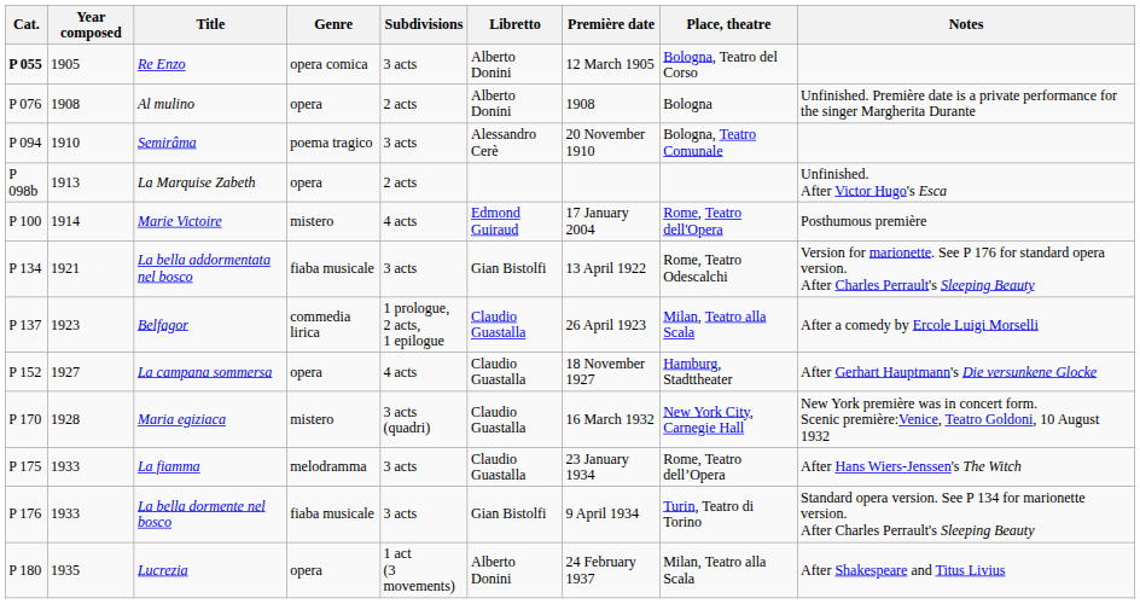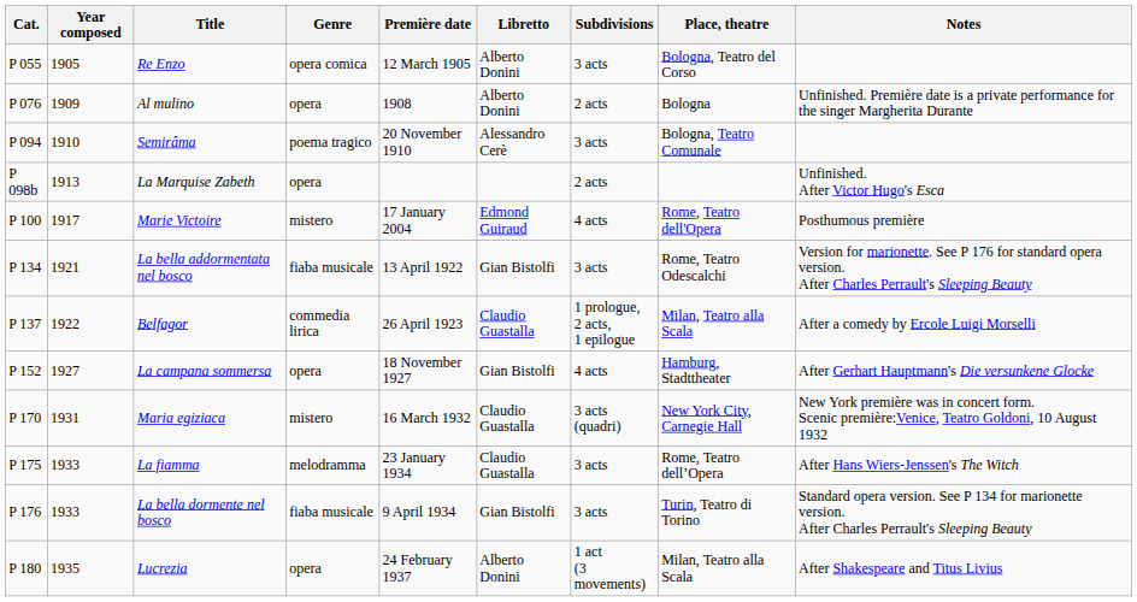 <table class="wikitable sortable">
 <tr>
 <th>Cat.</th>
 <th>Year composed</th>
 <th>Title</th>
 <th>Genre</th>
+<th>Première date</th>
+<th>Libretto</th>
 <th>Sub­divisions</th>
-<th>Libretto</th>
-<th>Première date</th>
 <th>Place, theatre</th>
 <th class="unsortable">Notes</th>
 </tr>
 <tr>
-<td><strong>P 055</strong></td>
+<td>P 055</td>
 <td>1905</td>
 <td><em><a href='#'>Re Enzo</a></em></td>
 <td>opera comica</td>
+<td>12 March 1905</td>
+<td>Alberto Donini</td>
 <td>3 acts</td>
-<td>Alberto Donini</td>
-<td>12 March 1905</td>
 <td><a href='#'>Bologna</a>, Teatro del Corso</td>
 <td></td>
 </tr>
 <tr>
 <td>P 076</td>
-<td>1908</td>
+<td>1909</td>
 <td><em>Al mulino</em></td>
 <td>opera</td>
+<td>1908</td>
+<td>Alberto Donini</td>
 <td>2 acts</td>
-<td>Alberto Donini</td>
-<td>1908</td>
 <td>Bologna</td>
 <td>Unfinished. Première date is a private performance for the singer Margherita Durante</td>
 </tr>
 <tr>
 <td>P 094</td>
 <td>1910</td>
 <td><em><a href='#'>Semirâma</a></em></td>
 <td>poema tragico</td>
+<td>20 November 1910</td>
+<td>Alessandro Cerè</td>
 <td>3 acts</td>
-<td>Alessandro Cerè</td>
-<td>20 November 1910</td>
 <td>Bologna, <a href='#'>Teatro Comunale</a></td>
 <td></td>
 </tr>
 <tr>
 <td>P 098b</td>
 <td>1913</td>
 <td><em>La Marquise Zabeth</em></td>
 <td>opera</td>
-<td>2 acts</td>
 <td></td>
 <td></td>
+<td>2 acts</td>
 <td></td>
 <td>Unfinished.<br>After <a href='#'>Victor Hugo</a>'s <em>Esca</em></td>
 </tr>
 <tr>
 <td>P 100</td>
-<td>1914</td>
+<td>1917</td>
 <td><em><a href='#'>Marie Victoire</a></em></td>
 <td>mistero</td>
+<td>17 January 2004</td>
+<td><a href='#'>Edmond Guiraud</a></td>
 <td>4 acts</td>
-<td><a href='#'>Edmond Guiraud</a></td>
-<td>17 January 2004</td>
 <td><a href='#'>Rome</a>, <a href='#'>Teatro dell'Opera</a></td>
 <td>Posthumous première</td>
 </tr>
 <tr>
 <td>P 134</td>
 <td>1921</td>
 <td><em><a href='#'>La bella addormentata nel bosco</a></em></td>
 <td>fiaba musicale</td>
+<td>13 April 1922</td>
+<td>Gian Bistolfi</td>
 <td>3 acts</td>
-<td>Gian Bistolfi</td>
-<td>13 April 1922</td>
 <td>Rome, Teatro Odescalchi</td>
 <td>Version for <a href='#'>marionette</a>. See P 176 for standard opera version.<br>After <a href='#'>Charles Perrault</a>'s <em><a href='#'>Sleeping Beauty</a></em></td>
 </tr>
 <tr>
 <td>P 137</td>
-<td>1923</td>
+<td>1922</td>
 <td><em><a href='#'>Belfagor</a></em></td>
 <td>commedia lirica</td>
+<td>26 April 1923</td>
+<td><a href='#'>Claudio Guastalla</a></td>
 <td>1 prologue,<br>2 acts,<br>1 epilogue</td>
-<td><a href='#'>Claudio Guastalla</a></td>
-<td>26 April 1923</td>
 <td><a href='#'>Milan</a>, <a href='#'>Teatro alla Scala</a></td>
 <td>After a comedy by <a href='#'>Ercole Luigi Morselli</a></td>
 </tr>
 <tr>
 <td>P 152</td>
 <td>1927</td>
 <td><em><a href='#'>La campana sommersa</a></em></td>
 <td>opera</td>
+<td>18 November 1927</td>
+<td>Gian Bistolfi</td>
 <td>4 acts</td>
-<td>Claudio Guastalla</td>
-<td>18 November 1927</td>
 <td><a href='#'>Hamburg</a>, Stadttheater</td>
 <td>After <a href='#'>Gerhart Hauptmann</a>'s <em><a href='#'>Die versunkene Glocke</a></em></td>
 </tr>
 <tr>
 <td>P 170</td>
-<td>1928</td>
+<td>1931</td>
 <td><em><a href='#'>Maria egiziaca</a></em></td>
 <td>mistero</td>
+<td>16 March 1932</td>
+<td>Claudio Guastalla</td>
 <td>3 acts<br>(quadri)</td>
-<td>Claudio Guastalla</td>
-<td>16 March 1932</td>
 <td><a href='#'>New York City</a>, <a href='#'>Carnegie Hall</a></td>
 <td>New York première was in concert form.<br>Scenic première:<a href='#'>Venice</a>, <a href='#'>Teatro Goldoni</a>, 10 August 1932</td>
 </tr>
 <tr>
 <td>P 175</td>
 <td>1933</td>
 <td><em><a href='#'>La fiamma</a></em></td>
 <td>melodramma</td>
+<td>23 January 1934</td>
+<td>Claudio Guastalla</td>
 <td>3 acts</td>
-<td>Claudio Guastalla</td>
-<td>23 January 1934</td>
 <td>Rome, Teatro dell’Opera</td>
 <td>After <a href='#'>Hans Wiers-Jenssen</a>'s <em>The Witch</em></td>
 </tr>
 <tr>
 <td>P 176</td>
 <td>1933</td>
 <td><em><a href='#'>La bella dormente nel bosco</a></em></td>
 <td>fiaba musicale</td>
+<td>9 April 1934</td>
+<td>Gian Bistolfi</td>
 <td>3 acts</td>
-<td>Gian Bistolfi</td>
-<td>9 April 1934</td>
 <td><a href='#'>Turin</a>, Teatro di Torino</td>
 <td>Standard opera version. See P 134 for marionette version.<br>After Charles Perrault's <em>Sleeping Beauty</em></td>
 </tr>
 <tr>
 <td>P 180</td>
 <td>1935</td>
 <td><em><a href='#'>Lucrezia</a></em></td>
 <td>opera</td>
+<td>24 February 1937</td>
+<td>Alberto Donini</td>
 <td>1 act<br>(3 movements)</td>
-<td>Alberto Donini</td>
-<td>24 February 1937</td>
 <td>Milan, Teatro alla Scala</td>
 <td>After <a href='#'>Shakespeare</a> and <a href='#'>Titus Livius</a></td>
 </tr>
 </table>
